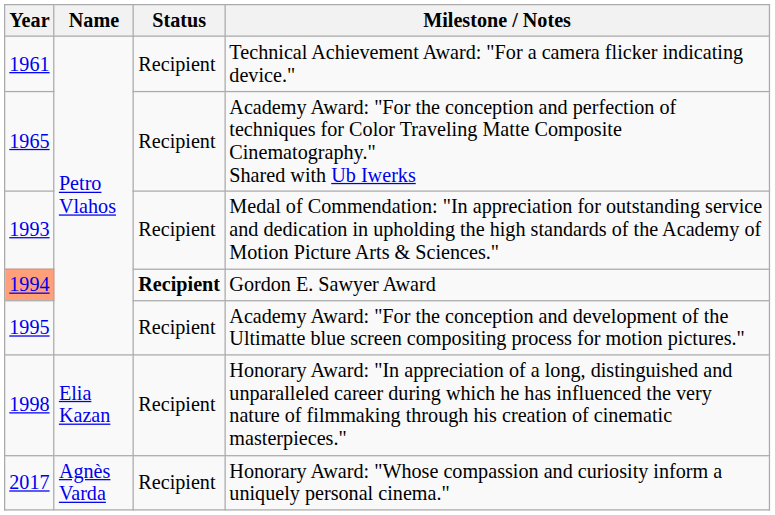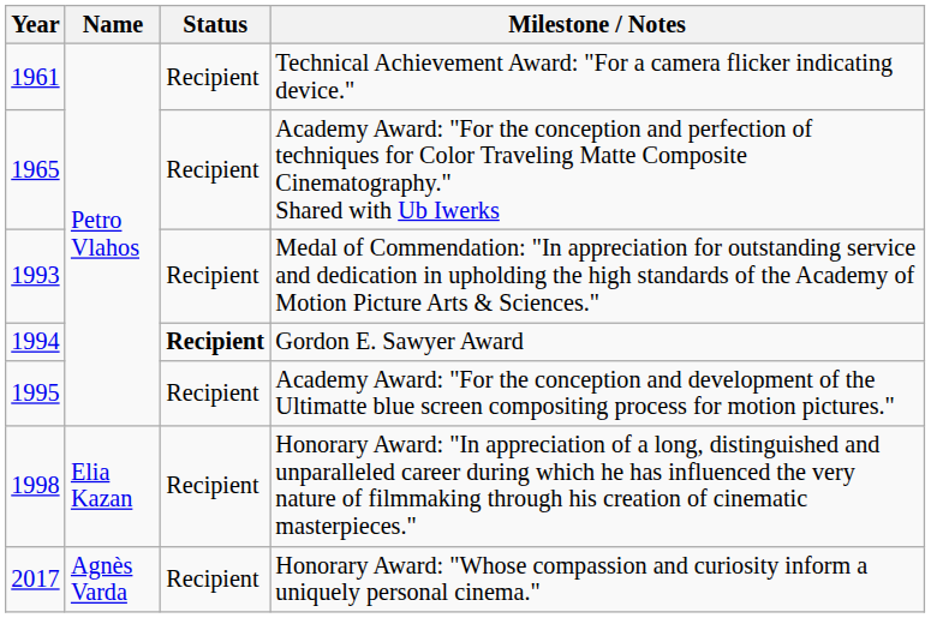 <table class="wikitable">
 <tr>
 <th>Year</th>
 <th>Name</th>
 <th>Status</th>
 <th>Milestone / Notes</th>
 </tr>
 <tr>
 <td><a href='#'>1961</a></td>
 <td rowspan="5"><a href='#'>Petro Vlahos</a></td>
 <td>Recipient</td>
 <td>Technical Achievement Award: "For a camera flicker indicating device."</td>
 </tr>
 <tr>
 <td><a href='#'>1965</a></td>
 <td>Recipient</td>
 <td>Academy Award: "For the conception and perfection of techniques for Color Traveling Matte Composite Cinematography."<br>Shared with <a href='#'>Ub Iwerks</a></td>
 </tr>
 <tr>
 <td><a href='#'>1993</a></td>
 <td>Recipient</td>
 <td>Medal of Commendation: "In appreciation for outstanding service and dedication in upholding the high standards of the Academy of Motion Picture Arts & Sciences."</td>
 </tr>
 <tr>
-<td style="background: lightsalmon;"><a href='#'>1994</a></td>
+<td><a href='#'>1994</a></td>
 <td><strong>Recipient</strong></td>
 <td>Gordon E. Sawyer Award</td>
 </tr>
 <tr>
 <td><a href='#'>1995</a></td>
 <td>Recipient</td>
 <td>Academy Award: "For the conception and development of the Ultimatte blue screen compositing process for motion pictures."</td>
 </tr>
 <tr>
 <td><a href='#'>1998</a></td>
 <td><a href='#'>Elia Kazan</a></td>
 <td>Recipient</td>
 <td>Honorary Award: "In appreciation of a long, distinguished and unparalleled career during which he has influenced the very nature of filmmaking through his creation of cinematic masterpieces."</td>
 </tr>
 <tr>
 <td><a href='#'>2017</a></td>
 <td><a href='#'>Agnès Varda</a></td>
 <td>Recipient</td>
 <td>Honorary Award: "Whose compassion and curiosity inform a uniquely personal cinema."</td>
 </tr>
 </table>
